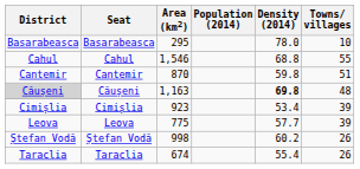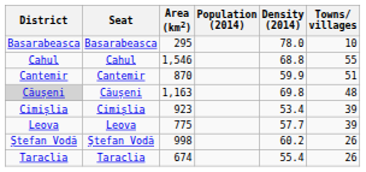 <table class="wikitable" style="text-align:center;" style="font-size: 90%">
 <tr>
 <th>District</th>
 <th>Seat</th>
 <th>Area<br>(km<sup>2</sup>)</th>
 <th>Population<br>(2014)</th>
 <th>Density<br>(2014)</th>
 <th>Towns/<br>villages</th>
 </tr>
 <tr>
 <td> <a href='#'>Basarabeasca</a></td>
 <td><a href='#'>Basarabeasca</a></td>
 <td align="right">295</td>
 <td align="right"></td>
 <td align="right">78.0</td>
 <td align="right">10</td>
 </tr>
 <tr>
 <td> <a href='#'>Cahul</a></td>
 <td><a href='#'>Cahul</a></td>
 <td align="right">1,546</td>
 <td align="right"></td>
 <td align="right">68.8</td>
 <td align="right">55</td>
 </tr>
 <tr>
 <td> <a href='#'>Cantemir</a></td>
 <td><a href='#'>Cantemir</a></td>
 <td align="right">870</td>
 <td align="right"></td>
-<td align="right">59.8</td>
+<td align="right">59.9</td>
 <td align="right">51</td>
 </tr>
 <tr>
 <td style="background: lightgrey;"> <a href='#'>Căușeni</a></td>
 <td><a href='#'>Căușeni</a></td>
 <td align="right">1,163</td>
 <td align="right"></td>
-<td align="right"><strong>69.8</strong></td>
+<td align="right">69.8</td>
 <td align="right">48</td>
 </tr>
 <tr>
 <td> <a href='#'>Cimișlia</a></td>
 <td><a href='#'>Cimișlia</a></td>
 <td align="right">923</td>
 <td align="right"></td>
 <td align="right">53.4</td>
 <td align="right">39</td>
 </tr>
 <tr>
 <td> <a href='#'>Leova</a></td>
 <td><a href='#'>Leova</a></td>
 <td align="right">775</td>
 <td align="right"></td>
 <td align="right">57.7</td>
 <td align="right">39</td>
 </tr>
 <tr>
 <td> <a href='#'>Ștefan Vodă</a></td>
 <td><a href='#'>Ștefan Vodă</a></td>
 <td align="right">998</td>
 <td align="right"></td>
 <td align="right">60.2</td>
 <td align="right">26</td>
 </tr>
 <tr>
 <td> <a href='#'>Taraclia</a></td>
 <td><a href='#'>Taraclia</a></td>
 <td align="right">674</td>
 <td align="right"></td>
 <td align="right">55.4</td>
 <td align="right">26</td>
 </tr>
 </table>
